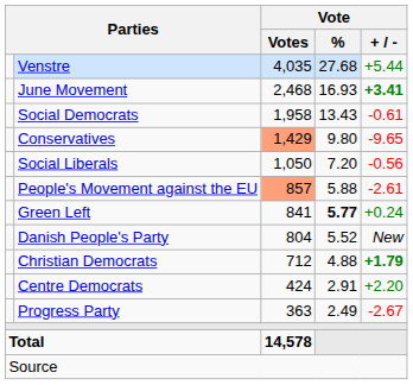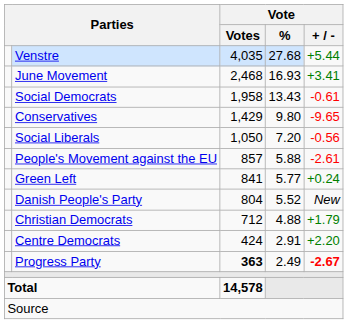 <table class="wikitable" style="text-align:right;">
 <tr>
 <th style="text-align:centre;" rowspan="2" colspan="2" width="225">Parties</th>
 <th colspan="3">Vote</th>
 </tr>
 <tr>
 <th width="15">Votes</th>
 <th width="15">%</th>
 <th width="15">+ / -</th>
 </tr>
 <tr>
 <td width="2" style="color:inherit;background:"></td>
 <td bgcolor=#cfe5fe   align="left"><a href='#'>Venstre</a></td>
 <td bgcolor=#cfe5fe>4,035</td>
 <td bgcolor=#cfe5fe>27.68</td>
 <td style=color:green;>+5.44</td>
 </tr>
 <tr>
 <td width="2" style="color:inherit;background:"></td>
 <td align="left"><a href='#'>June Movement</a></td>
 <td>2,468</td>
 <td>16.93</td>
-<td style=color:green;><strong>+3.41</strong></td>
+<td style=color:green;>+3.41</td>
 </tr>
 <tr>
 <td width="2" style="color:inherit;background:"></td>
 <td align="left"><a href='#'>Social Democrats</a></td>
 <td>1,958</td>
 <td>13.43</td>
 <td style=color:red;>-0.61</td>
 </tr>
 <tr>
 <td width="2" style="color:inherit;background:"></td>
 <td align="left"><a href='#'>Conservatives</a></td>
-<td style="background: lightsalmon;">1,429</td>
+<td>1,429</td>
 <td>9.80</td>
 <td style=color:red;>-9.65</td>
 </tr>
 <tr>
 <td width="2" style="color:inherit;background:"></td>
 <td align="left"><a href='#'>Social Liberals</a></td>
 <td>1,050</td>
 <td>7.20</td>
 <td style=color:red;>-0.56</td>
 </tr>
 <tr>
 <td width="2" style="color:inherit;background:"></td>
 <td align="left"><a href='#'>People's Movement against the EU</a></td>
-<td style="background: lightsalmon;">857</td>
+<td>857</td>
 <td>5.88</td>
 <td style=color:red;>-2.61</td>
 </tr>
 <tr>
 <td width="2" style="color:inherit;background:"></td>
 <td align="left"><a href='#'>Green Left</a></td>
 <td>841</td>
-<td><strong>5.77</strong></td>
+<td>5.77</td>
 <td style=color:green;>+0.24</td>
 </tr>
 <tr>
 <td width="2" style="color:inherit;background:"></td>
 <td align="left"><a href='#'>Danish People's Party</a></td>
 <td>804</td>
 <td>5.52</td>
 <td><em>New</em></td>
 </tr>
 <tr>
 <td width="2" style="color:inherit;background:"></td>
 <td align="left"><a href='#'>Christian Democrats</a></td>
 <td>712</td>
 <td>4.88</td>
-<td style=color:green;><strong>+1.79</strong></td>
+<td style=color:green;>+1.79</td>
 </tr>
 <tr>
 <td width="2" style="color:inherit;background:"></td>
 <td align="left"><a href='#'>Centre Democrats</a></td>
 <td>424</td>
 <td>2.91</td>
 <td style=color:green;>+2.20</td>
 </tr>
 <tr>
 <td width="2" style="color:inherit;background:"></td>
 <td align="left"><a href='#'>Progress Party</a></td>
-<td>363</td>
+<td><strong>363</strong></td>
 <td>2.49</td>
-<td style=color:red;>-2.67</td>
+<td style=color:red;><strong>-2.67</strong></td>
 </tr>
 <tr>
 <td colspan="7" bgcolor="#E9E9E9"></td>
 </tr>
 <tr>
 <td align="left" colspan="2"><strong>Total</strong></td>
 <td><strong>14,578</strong></td>
 <td bgcolor="#E9E9E9" colspan="2"></td>
 </tr>
 <tr>
 <td align="left" colspan="6">Source</td>
 </tr>
 </table>
